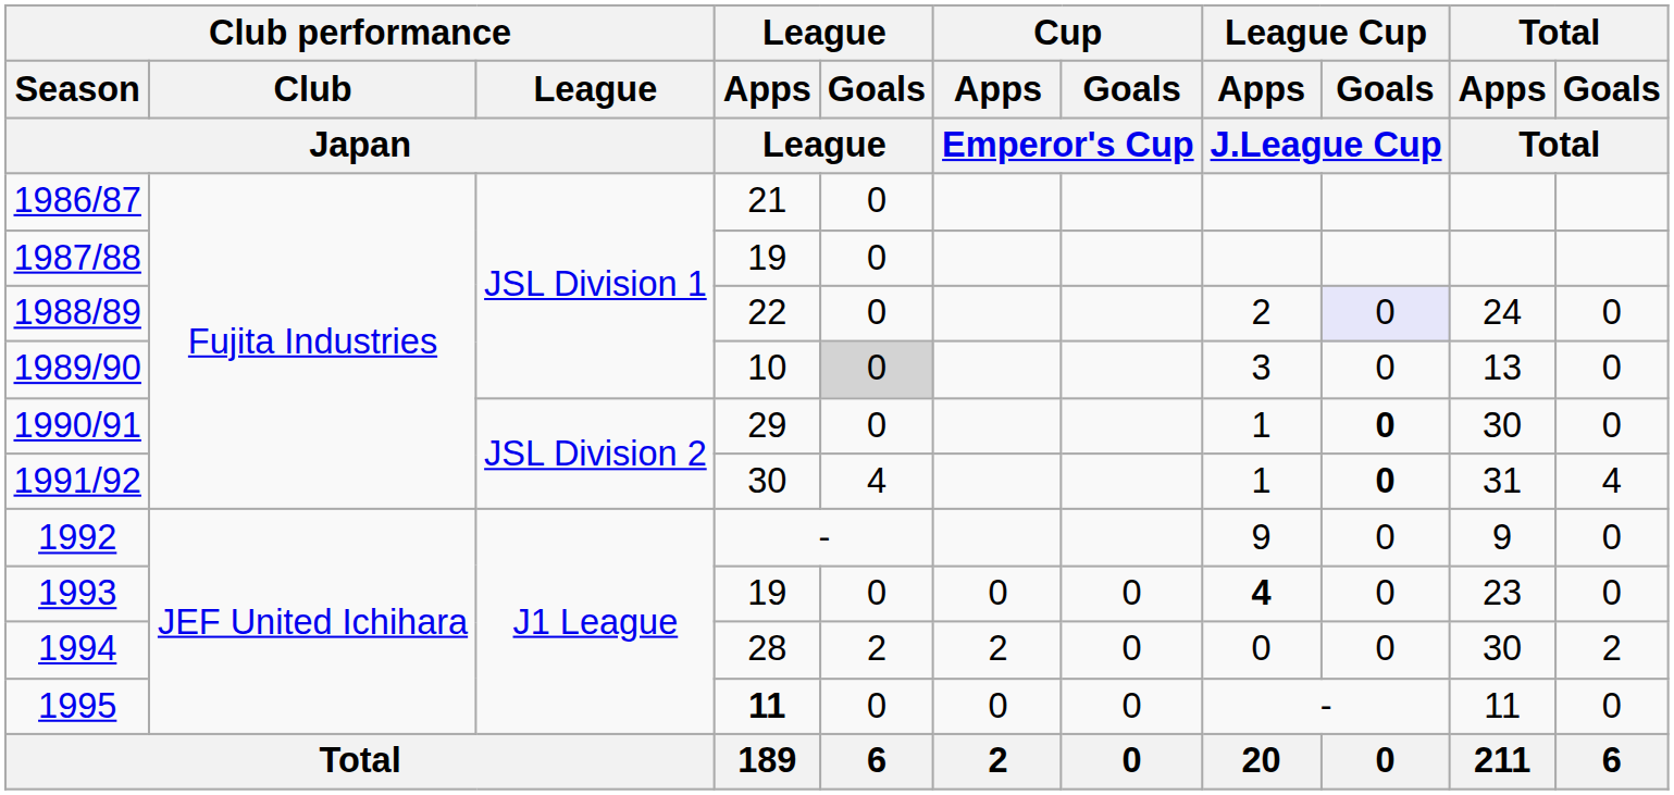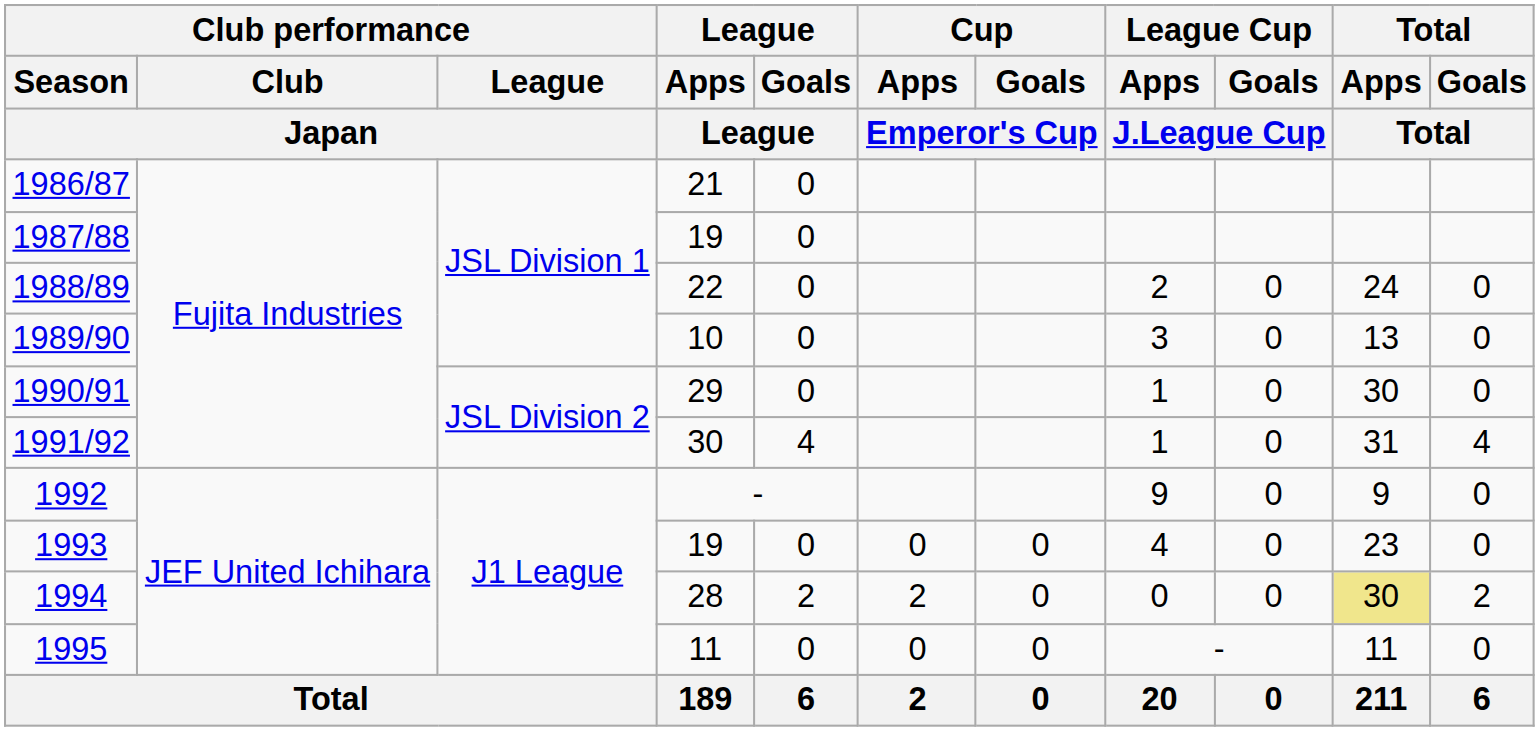 <table class="wikitable" style="text-align:center;">
 <tr>
 <th colspan=3>Club performance</th>
 <th colspan=2>League</th>
 <th colspan=2>Cup</th>
 <th colspan=2>League Cup</th>
 <th colspan=2>Total</th>
 </tr>
 <tr>
 <th>Season</th>
 <th>Club</th>
 <th>League</th>
 <th>Apps</th>
 <th>Goals</th>
 <th>Apps</th>
 <th>Goals</th>
 <th>Apps</th>
 <th>Goals</th>
 <th>Apps</th>
 <th>Goals</th>
 </tr>
 <tr>
 <th colspan=3>Japan</th>
 <th colspan=2>League</th>
 <th colspan=2><a href='#'>Emperor's Cup</a></th>
 <th colspan=2><a href='#'>J.League Cup</a></th>
 <th colspan=2>Total</th>
 </tr>
 <tr>
 <td><a href='#'>1986/87</a></td>
 <td rowspan="6"><a href='#'>Fujita Industries</a></td>
 <td rowspan="4"><a href='#'>JSL Division 1</a></td>
 <td>21</td>
 <td>0</td>
 <td></td>
 <td></td>
 <td></td>
 <td></td>
 <td></td>
 <td></td>
 </tr>
 <tr>
 <td><a href='#'>1987/88</a></td>
 <td>19</td>
 <td>0</td>
 <td></td>
 <td></td>
 <td></td>
 <td></td>
 <td></td>
 <td></td>
 </tr>
 <tr>
 <td><a href='#'>1988/89</a></td>
 <td>22</td>
 <td>0</td>
 <td></td>
 <td></td>
 <td>2</td>
-<td style="background: lavender;">0</td>
+<td>0</td>
 <td>24</td>
 <td>0</td>
 </tr>
 <tr>
 <td><a href='#'>1989/90</a></td>
 <td>10</td>
-<td style="background: lightgrey;">0</td>
+<td>0</td>
 <td></td>
 <td></td>
 <td>3</td>
 <td>0</td>
 <td>13</td>
 <td>0</td>
 </tr>
 <tr>
 <td><a href='#'>1990/91</a></td>
 <td rowspan="2"><a href='#'>JSL Division 2</a></td>
 <td>29</td>
 <td>0</td>
 <td></td>
 <td></td>
 <td>1</td>
-<td><strong>0</strong></td>
+<td>0</td>
 <td>30</td>
 <td>0</td>
 </tr>
 <tr>
 <td><a href='#'>1991/92</a></td>
 <td>30</td>
 <td>4</td>
 <td></td>
 <td></td>
 <td>1</td>
-<td><strong>0</strong></td>
+<td>0</td>
 <td>31</td>
 <td>4</td>
 </tr>
 <tr>
 <td><a href='#'>1992</a></td>
 <td rowspan="4"><a href='#'>JEF United Ichihara</a></td>
 <td rowspan="4"><a href='#'>J1 League</a></td>
 <td colspan="2">-</td>
 <td></td>
 <td></td>
 <td>9</td>
 <td>0</td>
 <td>9</td>
 <td>0</td>
 </tr>
 <tr>
 <td><a href='#'>1993</a></td>
 <td>19</td>
 <td>0</td>
 <td>0</td>
 <td>0</td>
-<td><strong>4</strong></td>
+<td>4</td>
 <td>0</td>
 <td>23</td>
 <td>0</td>
 </tr>
 <tr>
 <td><a href='#'>1994</a></td>
 <td>28</td>
 <td>2</td>
 <td>2</td>
 <td>0</td>
 <td>0</td>
 <td>0</td>
-<td>30</td>
+<td style="background: khaki;">30</td>
 <td>2</td>
 </tr>
 <tr>
 <td><a href='#'>1995</a></td>
-<td><strong>11</strong></td>
+<td>11</td>
 <td>0</td>
 <td>0</td>
 <td>0</td>
 <td colspan="2">-</td>
 <td>11</td>
 <td>0</td>
 </tr>
 <tr>
 <th colspan=3>Total</th>
 <th>189</th>
 <th>6</th>
 <th>2</th>
 <th>0</th>
 <th>20</th>
 <th>0</th>
 <th>211</th>
 <th>6</th>
 </tr>
 </table>
